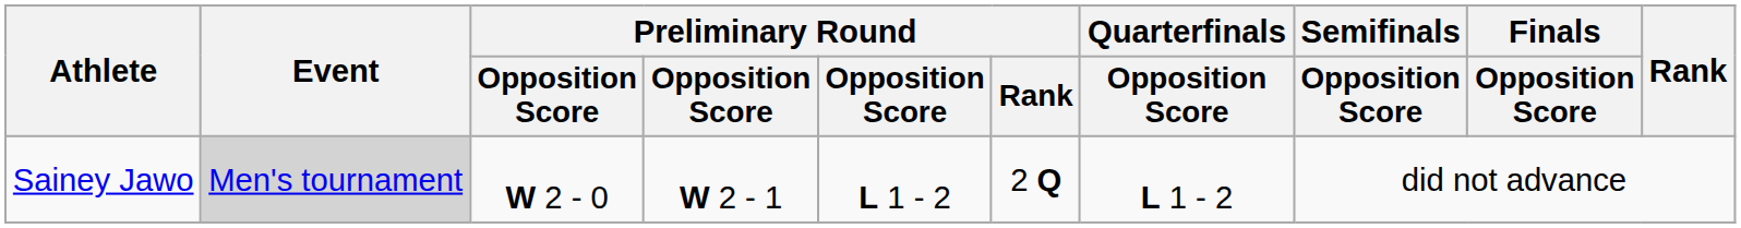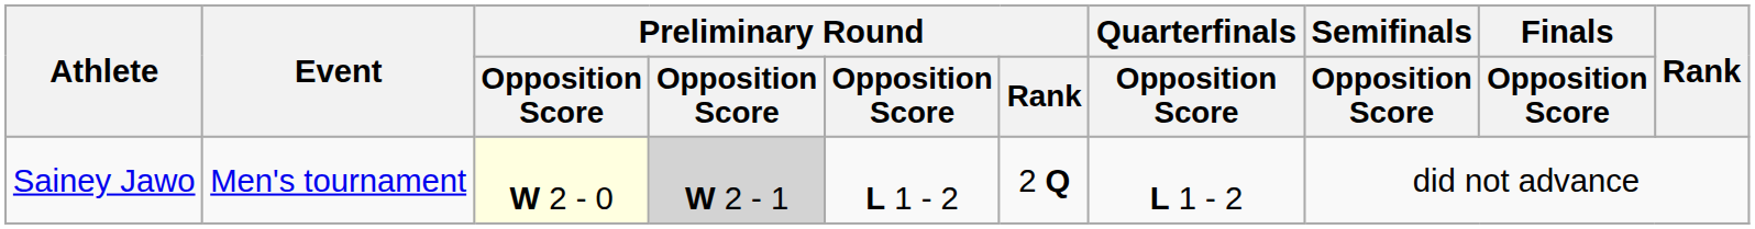 <table class=wikitable style="font-size:90%">
 <tr>
 <th rowspan="2">Athlete</th>
 <th rowspan="2">Event</th>
 <th colspan=4>Preliminary Round</th>
 <th>Quarterfinals</th>
 <th>Semifinals</th>
 <th>Finals</th>
 <th rowspan=2>Rank</th>
 </tr>
 <tr style=font-size:95%>
 <th>Opposition<br>Score</th>
 <th>Opposition<br>Score</th>
 <th>Opposition<br>Score</th>
 <th>Rank</th>
 <th>Opposition<br>Score</th>
 <th>Opposition<br>Score</th>
 <th>Opposition<br>Score</th>
 </tr>
 <tr align=center>
 <td align=left><a href='#'>Sainey Jawo</a><br></td>
-<td align=left style="background: lightgrey;"><a href='#'>Men's tournament</a></td>
-<td><br><strong>W</strong> 2 - 0</td>
-<td><br><strong>W</strong> 2 - 1</td>
+<td align=left><a href='#'>Men's tournament</a></td>
+<td style="background: lightyellow;"><br><strong>W</strong> 2 - 0</td>
+<td style="background: lightgrey;"><br><strong>W</strong> 2 - 1</td>
 <td><br><strong>L</strong> 1 - 2</td>
 <td>2 <strong>Q</strong></td>
 <td><br><strong>L</strong> 1 - 2</td>
 <td colspan=3>did not advance</td>
 </tr>
 </table>
